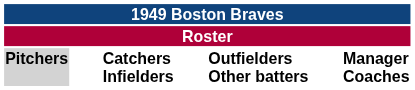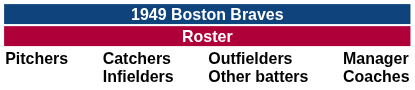 <table class="toccolours" style="font-size: 95%;">
 <tr>
 <th colspan="10" style="background-color: #0f437c; color: white; text-align: center;">1949 Boston Braves</th>
 </tr>
 <tr>
 <td colspan="10" style="background-color: #af0039; color: white; text-align: center;"><strong>Roster</strong></td>
 </tr>
 <tr>
-<td valign="top" style="background: lightgrey;"><strong>Pitchers</strong><br>           </td>
+<td valign="top"><strong>Pitchers</strong><br>           </td>
 <td width="25px"></td>
 <td valign="top"><strong>Catchers</strong><br>    <strong>Infielders</strong>        </td>
 <td width="25px"></td>
 <td valign="top"><strong>Outfielders</strong><br>         <strong>Other batters</strong> </td>
 <td width="25px"></td>
 <td valign="top"><strong>Manager</strong><br>  <strong>Coaches</strong>    </td>
 </tr>
 </table>
